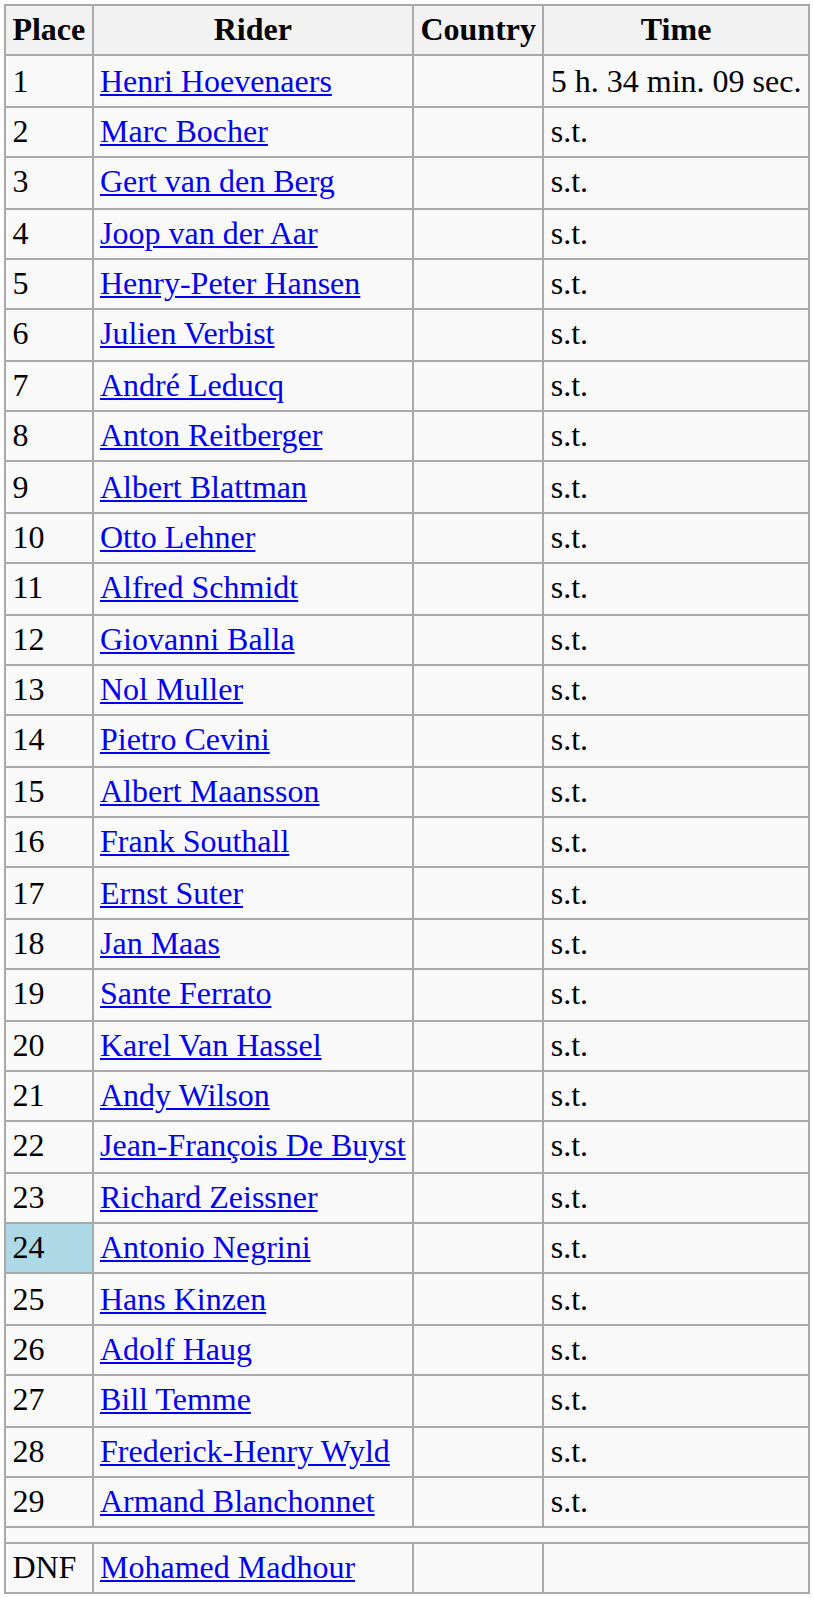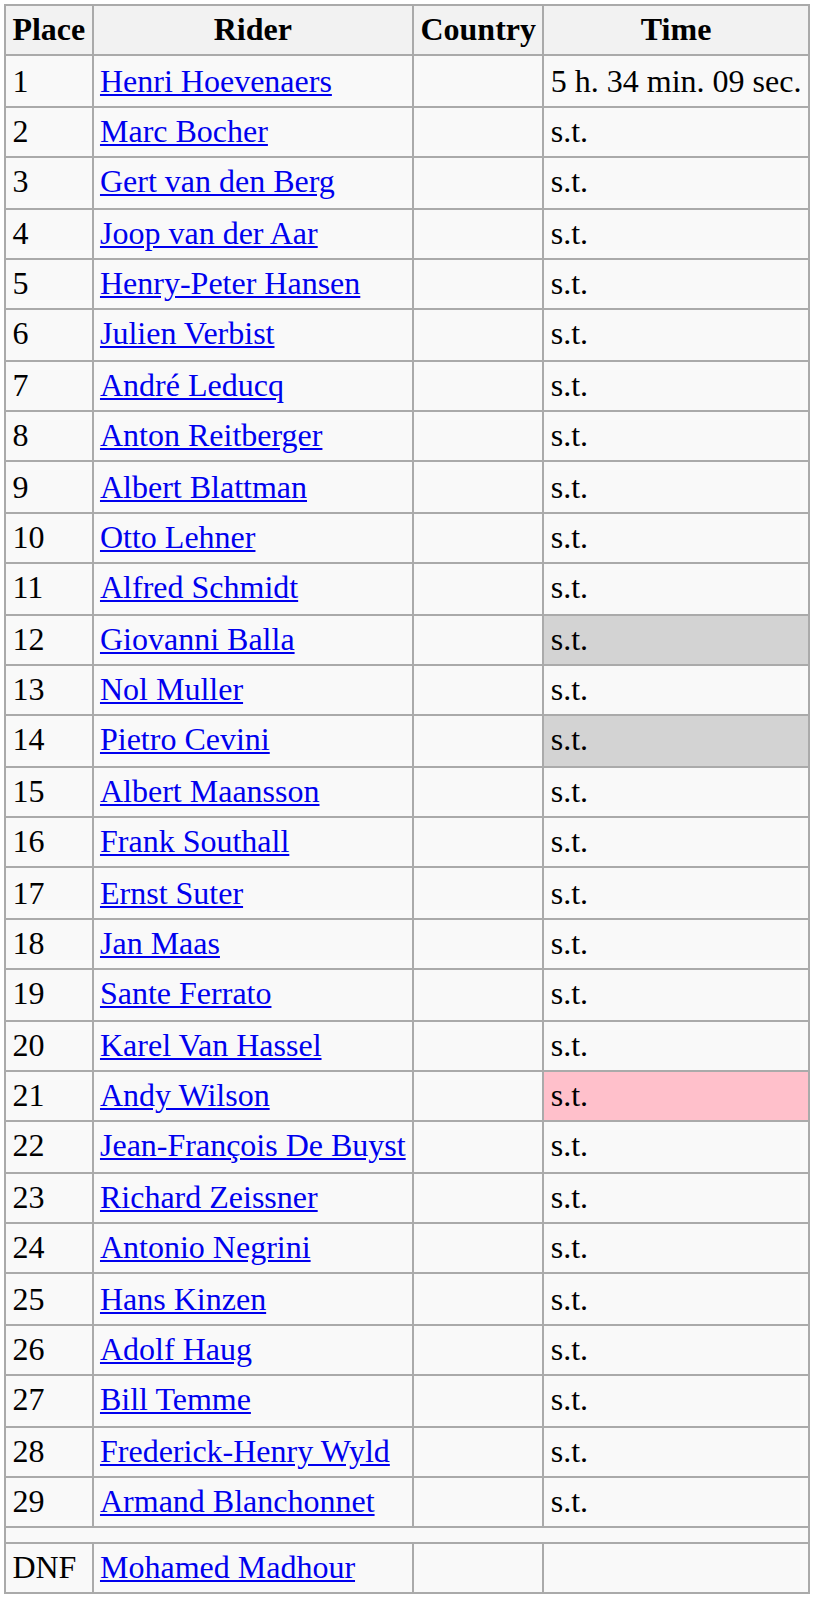 <table class="wikitable">
 <tr>
 <th>Place</th>
 <th>Rider</th>
 <th>Country</th>
 <th>Time</th>
 </tr>
 <tr>
 <td>1</td>
 <td><a href='#'>Henri Hoevenaers</a></td>
 <td></td>
 <td>5 h. 34 min. 09 sec.</td>
 </tr>
 <tr>
 <td>2</td>
 <td><a href='#'>Marc Bocher</a></td>
 <td></td>
 <td>s.t.</td>
 </tr>
 <tr>
 <td>3</td>
 <td><a href='#'>Gert van den Berg</a></td>
 <td></td>
 <td>s.t.</td>
 </tr>
 <tr>
 <td>4</td>
 <td><a href='#'>Joop van der Aar</a></td>
 <td></td>
 <td>s.t.</td>
 </tr>
 <tr>
 <td>5</td>
 <td><a href='#'>Henry-Peter Hansen</a></td>
 <td></td>
 <td>s.t.</td>
 </tr>
 <tr>
 <td>6</td>
 <td><a href='#'>Julien Verbist</a></td>
 <td></td>
 <td>s.t.</td>
 </tr>
 <tr>
 <td>7</td>
 <td><a href='#'>André Leducq</a></td>
 <td></td>
 <td>s.t.</td>
 </tr>
 <tr>
 <td>8</td>
 <td><a href='#'>Anton Reitberger</a></td>
 <td></td>
 <td>s.t.</td>
 </tr>
 <tr>
 <td>9</td>
 <td><a href='#'>Albert Blattman</a></td>
 <td></td>
 <td>s.t.</td>
 </tr>
 <tr>
 <td>10</td>
 <td><a href='#'>Otto Lehner</a></td>
 <td></td>
 <td>s.t.</td>
 </tr>
 <tr>
 <td>11</td>
 <td><a href='#'>Alfred Schmidt</a></td>
 <td></td>
 <td>s.t.</td>
 </tr>
 <tr>
 <td>12</td>
 <td><a href='#'>Giovanni Balla</a></td>
 <td></td>
-<td>s.t.</td>
+<td style="background: lightgrey;">s.t.</td>
 </tr>
 <tr>
 <td>13</td>
 <td><a href='#'>Nol Muller</a></td>
 <td></td>
 <td>s.t.</td>
 </tr>
 <tr>
 <td>14</td>
 <td><a href='#'>Pietro Cevini</a></td>
 <td></td>
-<td>s.t.</td>
+<td style="background: lightgrey;">s.t.</td>
 </tr>
 <tr>
 <td>15</td>
 <td><a href='#'>Albert Maansson</a></td>
 <td></td>
 <td>s.t.</td>
 </tr>
 <tr>
 <td>16</td>
 <td><a href='#'>Frank Southall</a></td>
 <td></td>
 <td>s.t.</td>
 </tr>
 <tr>
 <td>17</td>
 <td><a href='#'>Ernst Suter</a></td>
 <td></td>
 <td>s.t.</td>
 </tr>
 <tr>
 <td>18</td>
 <td><a href='#'>Jan Maas</a></td>
 <td></td>
 <td>s.t.</td>
 </tr>
 <tr>
 <td>19</td>
 <td><a href='#'>Sante Ferrato</a></td>
 <td></td>
 <td>s.t.</td>
 </tr>
 <tr>
 <td>20</td>
 <td><a href='#'>Karel Van Hassel</a></td>
 <td></td>
 <td>s.t.</td>
 </tr>
 <tr>
 <td>21</td>
 <td><a href='#'>Andy Wilson</a></td>
 <td></td>
-<td>s.t.</td>
+<td style="background: pink;">s.t.</td>
 </tr>
 <tr>
 <td>22</td>
 <td><a href='#'>Jean-François De Buyst</a></td>
 <td></td>
 <td>s.t.</td>
 </tr>
 <tr>
 <td>23</td>
 <td><a href='#'>Richard Zeissner</a></td>
 <td></td>
 <td>s.t.</td>
 </tr>
 <tr>
-<td style="background: lightblue;">24</td>
+<td>24</td>
 <td><a href='#'>Antonio Negrini</a></td>
 <td></td>
 <td>s.t.</td>
 </tr>
 <tr>
 <td>25</td>
 <td><a href='#'>Hans Kinzen</a></td>
 <td></td>
 <td>s.t.</td>
 </tr>
 <tr>
 <td>26</td>
 <td><a href='#'>Adolf Haug</a></td>
 <td></td>
 <td>s.t.</td>
 </tr>
 <tr>
 <td>27</td>
 <td><a href='#'>Bill Temme</a></td>
 <td></td>
 <td>s.t.</td>
 </tr>
 <tr>
 <td>28</td>
 <td><a href='#'>Frederick-Henry Wyld</a></td>
 <td></td>
 <td>s.t.</td>
 </tr>
 <tr>
 <td>29</td>
 <td><a href='#'>Armand Blanchonnet</a></td>
 <td></td>
 <td>s.t.</td>
 </tr>
 <tr>
 <td colspan=4></td>
 </tr>
 <tr>
 <td>DNF</td>
 <td><a href='#'>Mohamed Madhour</a></td>
 <td></td>
 <td></td>
 </tr>
 </table>
